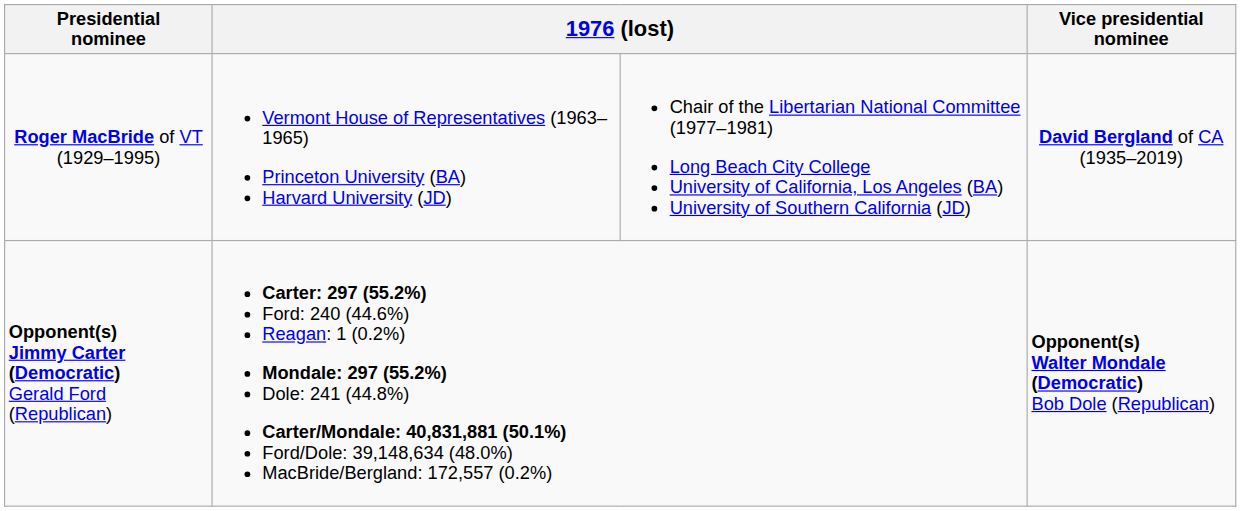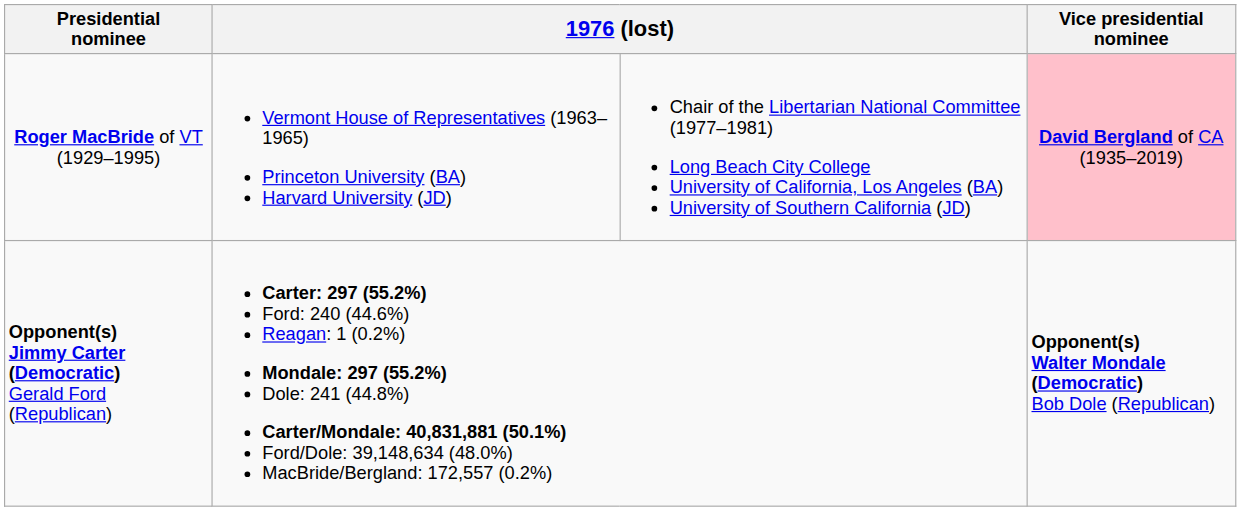 <table class="wikitable">
 <tr>
 <th width=175>Presidential<br>nominee</th>
 <th colspan=2><big><a href='#'>1976</a> (lost)</big></th>
 <th width=175>Vice presidential<br>nominee</th>
 </tr>
 <tr>
 <td style="text-align:center;"><strong><a href='#'>Roger MacBride</a></strong> of <a href='#'>VT</a><br>(1929–1995)<br></td>
 <td width=350><br><ul><li><a href='#'>Vermont House of Representatives</a> (1963–1965)</li></ul><ul><li><a href='#'>Princeton University</a> (<a href='#'>BA</a>)</li><li><a href='#'>Harvard University</a> (<a href='#'>JD</a>)</li></ul></td>
 <td width=350><br><ul><li>Chair of the <a href='#'>Libertarian National Committee</a> (1977–1981)</li></ul><ul><li><a href='#'>Long Beach City College</a></li><li><a href='#'>University of California, Los Angeles</a> (<a href='#'>BA</a>)</li><li><a href='#'>University of Southern California</a> (<a href='#'>JD</a>)</li></ul></td>
-<td style="text-align:center;"><strong><a href='#'>David Bergland</a></strong> of <a href='#'>CA</a><br>(1935–2019)<br></td>
+<td style="background: pink; text-align:center;"><strong><a href='#'>David Bergland</a></strong> of <a href='#'>CA</a><br>(1935–2019)<br></td>
 </tr>
 <tr>
 <td><strong>Opponent(s)</strong><br><strong><a href='#'>Jimmy Carter</a> (<a href='#'>Democratic</a>)</strong><br><a href='#'>Gerald Ford</a> (<a href='#'>Republican</a>)</td>
 <td colspan=2><br><ul><li><strong>Carter: 297 (55.2%)</strong></li><li>Ford: 240 (44.6%)</li><li><a href='#'>Reagan</a>: 1 (0.2%)</li></ul><ul><li><strong>Mondale: 297 (55.2%)</strong></li><li>Dole: 241 (44.8%)</li></ul><ul><li><strong>Carter/Mondale: 40,831,881 (50.1%)</strong></li><li>Ford/Dole: 39,148,634 (48.0%)</li><li>MacBride/Bergland: 172,557 (0.2%)</li></ul></td>
 <td><strong>Opponent(s)</strong><br><strong><a href='#'>Walter Mondale</a> (<a href='#'>Democratic</a>)</strong><br><a href='#'>Bob Dole</a> (<a href='#'>Republican</a>)</td>
 </tr>
 </table>
